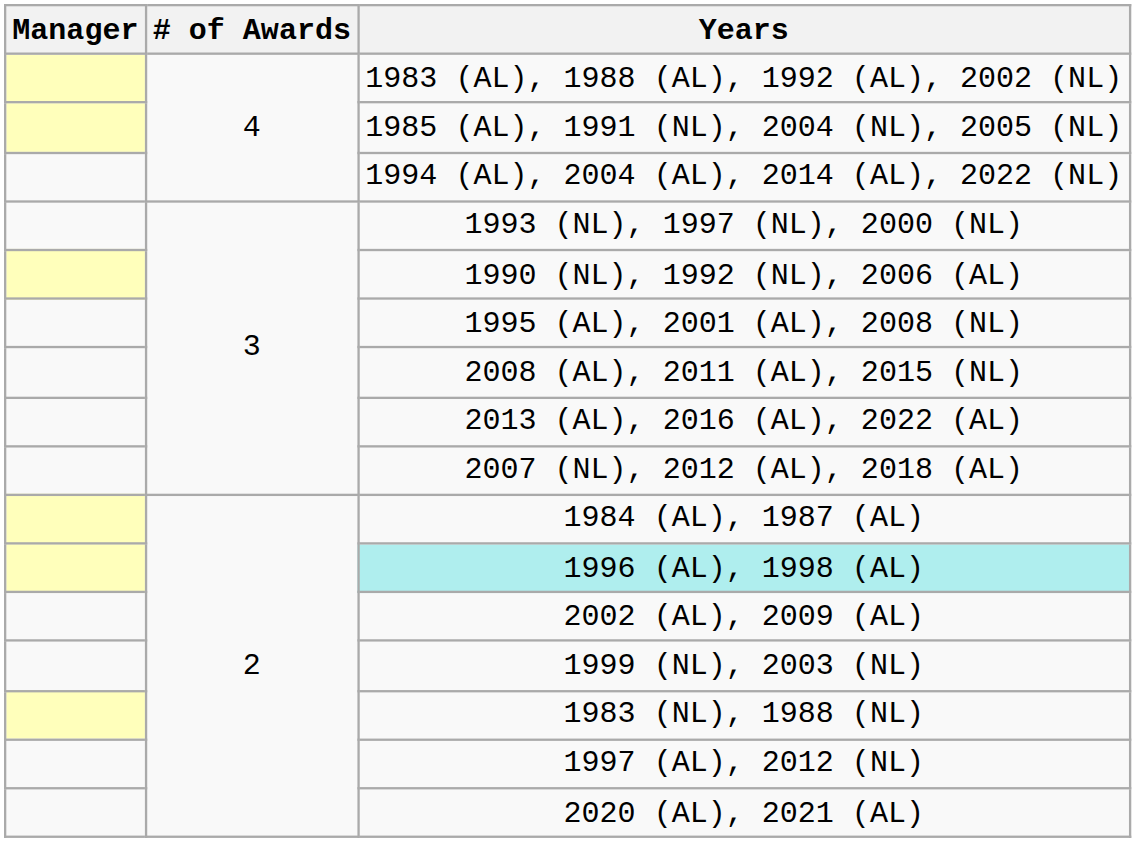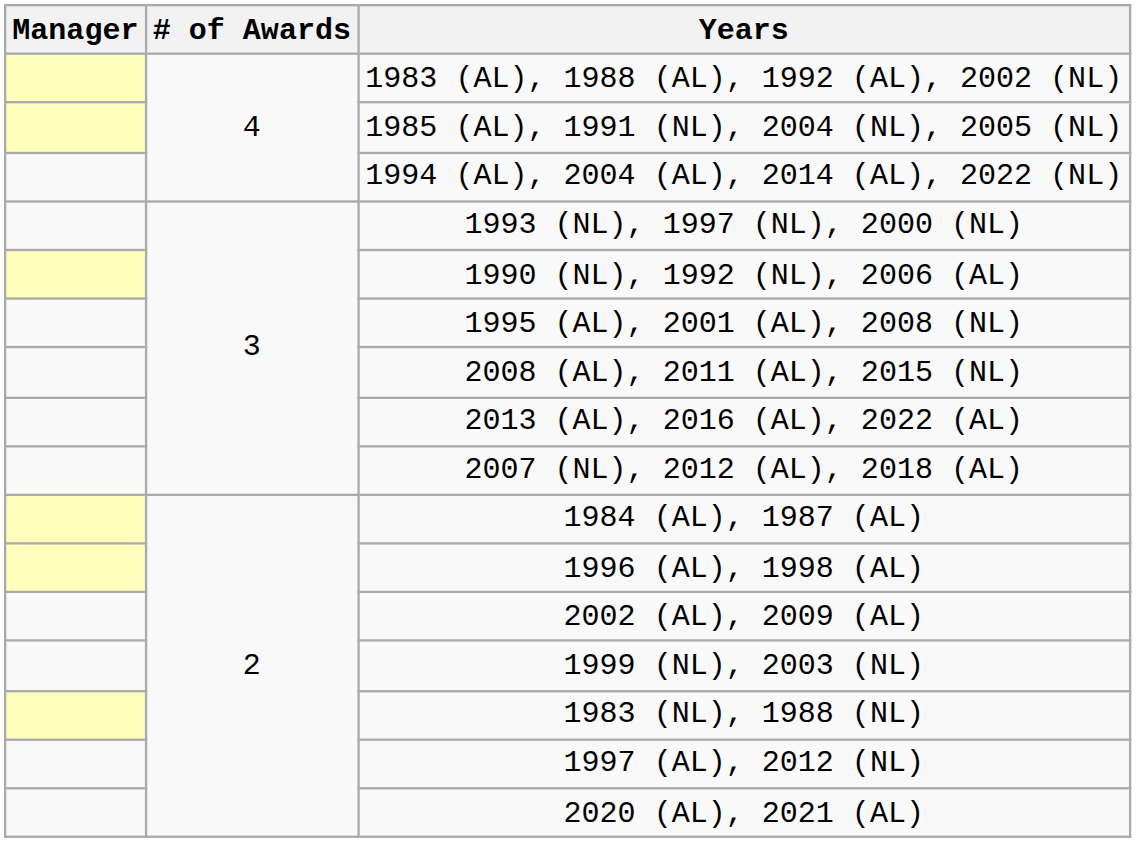 <table class="wikitable sortable plainrowheaders" style="text-align:center; text-align:center">
 <tr>
 <th scope="col">Manager</th>
 <th scope="col"># of Awards</th>
 <th scope="col">Years</th>
 </tr>
 <tr>
 <td bgcolor="#ffffbb"></td>
 <td rowspan=3 style="text-align:center;">4</td>
 <td>1983 (AL), 1988 (AL), 1992 (AL), 2002 (NL)</td>
 </tr>
 <tr>
 <td bgcolor="#ffffbb"></td>
 <td>1985 (AL), 1991 (NL), 2004 (NL), 2005 (NL)</td>
 </tr>
 <tr>
 <td></td>
 <td>1994 (AL), 2004 (AL), 2014 (AL), 2022 (NL)</td>
 </tr>
 <tr>
 <td></td>
 <td rowspan=6 style="text-align:center;">3</td>
 <td>1993 (NL), 1997 (NL), 2000 (NL)</td>
 </tr>
 <tr>
 <td bgcolor="#ffffbb"></td>
 <td>1990 (NL), 1992 (NL), 2006 (AL)</td>
 </tr>
 <tr>
 <td></td>
 <td>1995 (AL), 2001 (AL), 2008 (NL)</td>
 </tr>
 <tr>
 <td></td>
 <td>2008 (AL), 2011 (AL), 2015 (NL)</td>
 </tr>
 <tr>
 <td></td>
 <td>2013 (AL), 2016 (AL), 2022 (AL)</td>
 </tr>
 <tr>
 <td></td>
 <td>2007 (NL), 2012 (AL), 2018 (AL)</td>
 </tr>
 <tr>
 <td bgcolor="#ffffbb"></td>
 <td rowspan=7 style="text-align:center;">2</td>
 <td>1984 (AL), 1987 (AL)</td>
 </tr>
 <tr>
 <td bgcolor="#ffffbb"></td>
-<td style="background: paleturquoise;">1996 (AL), 1998 (AL)</td>
+<td>1996 (AL), 1998 (AL)</td>
 </tr>
 <tr>
 <td></td>
 <td>2002 (AL), 2009 (AL)</td>
 </tr>
 <tr>
 <td></td>
 <td>1999 (NL), 2003 (NL)</td>
 </tr>
 <tr>
 <td bgcolor="#ffffbb"></td>
 <td>1983 (NL), 1988 (NL)</td>
 </tr>
 <tr>
 <td></td>
 <td>1997 (AL), 2012 (NL)</td>
 </tr>
 <tr>
 <td></td>
 <td>2020 (AL), 2021 (AL)</td>
 </tr>
 </table>
